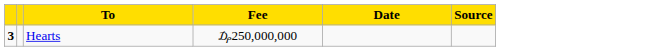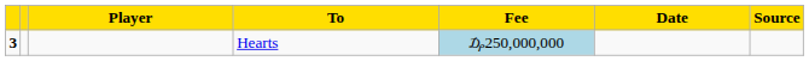 <table class="wikitable sortable">
 <tr>
 <th style="background:#FFDE00"></th>
 <th style="background:#FFDE00"></th>
+<th width=200 style="background:#FFDE00">Player</th>
 <th width=200 style="background:#FFDE00">To</th>
 <th width=150 style="background:#FFDE00">Fee</th>
 <th width=150 style="background:#FFDE00">Date</th>
 <th style="background:#FFDE00">Source</th>
 </tr>
 <tr>
 <td align=center><strong>3</strong></td>
 <td align=center></td>
+<td></td>
 <td> <a href='#'>Hearts</a></td>
-<td align=center>₯250,000,000</td>
+<td align=center style="background: lightblue;">₯250,000,000</td>
 <td align=center></td>
 <td align=center></td>
 </tr>
 </table>
